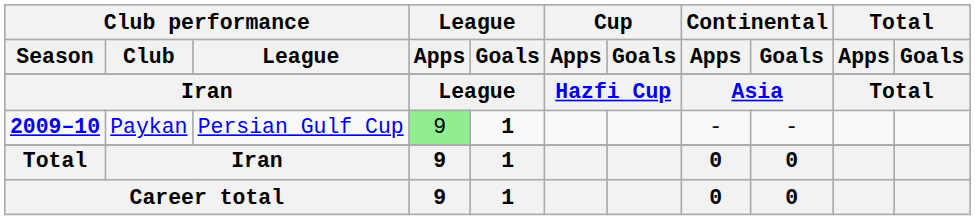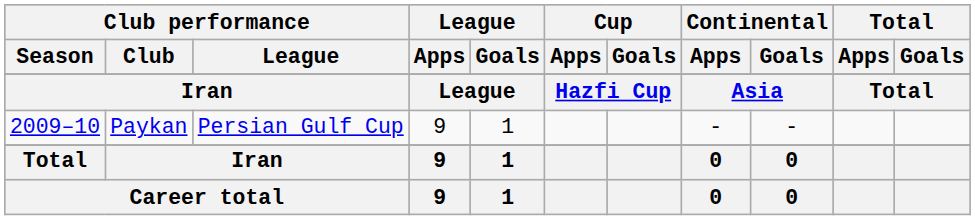 <table class="wikitable" style="text-align:center">
 <tr>
 <th colspan=3>Club performance</th>
 <th colspan=2>League</th>
 <th colspan=2>Cup</th>
 <th colspan=2>Continental</th>
 <th colspan=2>Total</th>
 </tr>
 <tr>
 <th>Season</th>
 <th>Club</th>
 <th>League</th>
 <th>Apps</th>
 <th>Goals</th>
 <th>Apps</th>
 <th>Goals</th>
 <th>Apps</th>
 <th>Goals</th>
 <th>Apps</th>
 <th>Goals</th>
 </tr>
 <tr>
 </tr>
 <tr>
 <th colspan=3>Iran</th>
 <th colspan=2>League</th>
 <th colspan=2><a href='#'>Hazfi Cup</a></th>
 <th colspan=2><a href='#'>Asia</a></th>
 <th colspan=2>Total</th>
 </tr>
 <tr>
-<td><strong><a href='#'>2009–10</a></strong></td>
+<td><a href='#'>2009–10</a></td>
 <td rowspan="1"><a href='#'>Paykan</a></td>
 <td rowspan="1"><a href='#'>Persian Gulf Cup</a></td>
-<td style="background: lightgreen;">9</td>
-<td><strong>1</strong></td>
+<td>9</td>
+<td>1</td>
 <td></td>
 <td></td>
 <td>-</td>
 <td>-</td>
 <td></td>
 <td></td>
 </tr>
 <tr>
 </tr>
 <tr>
 <th rowspan=1>Total</th>
 <th colspan=2>Iran</th>
 <th>9</th>
 <th>1</th>
 <th></th>
 <th></th>
 <th>0</th>
 <th>0</th>
 <th></th>
 <th></th>
 </tr>
 <tr>
 <th colspan=3>Career total</th>
 <th>9</th>
 <th>1</th>
 <th></th>
 <th></th>
 <th>0</th>
 <th>0</th>
 <th></th>
 <th></th>
 </tr>
 </table>
